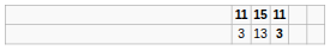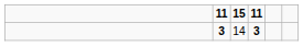 <table class="wikitable">
 <tr>
 <td style="width:18em"><strong></strong></td>
 <td align=center style="width:1em"><strong>11</strong></td>
 <td align=center style="width:1em"><strong>15</strong></td>
 <td align=center style="width:1em"><strong>11</strong></td>
 <td align=center style="width:1em"></td>
 <td align=center style="width:1em"></td>
 </tr>
 <tr>
 <td style="width:18em"></td>
-<td align=center style="width:1em">3</td>
-<td align=center style="width:1em">13</td>
+<td align=center style="width:1em"><strong>3</strong></td>
+<td align=center style="width:1em">14</td>
 <td align=center style="width:1em"><strong>3</strong></td>
 <td align=center style="width:1em"></td>
 <td align=center style="width:1em"></td>
 </tr>
 </table>
